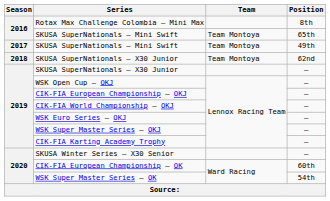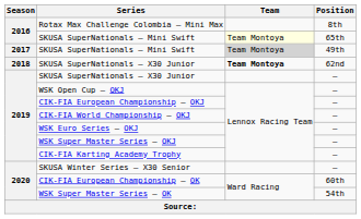 <table class="wikitable" style="font-size: 85%; text-align:center">
 <tr>
 <th>Season</th>
 <th>Series</th>
 <th>Team</th>
 <th>Position</th>
 </tr>
 <tr>
 <th rowspan="2">2016</th>
 <td align="left">Rotax Max Challenge Colombia — Mini Max</td>
 <td align="left"></td>
 <td>8th</td>
 </tr>
 <tr>
 <td align="left">SKUSA SuperNationals — Mini Swift</td>
-<td align="left">Team Montoya</td>
+<td align="left" style="background: lightyellow;">Team Montoya</td>
 <td>65th</td>
 </tr>
 <tr>
 <th>2017</th>
 <td align="left">SKUSA SuperNationals — Mini Swift</td>
-<td align="left">Team Montoya</td>
+<td align="left" style="background: lightgrey;">Team Montoya</td>
 <td>49th</td>
 </tr>
 <tr>
 <th>2018</th>
 <td align="left">SKUSA SuperNationals — X30 Junior</td>
-<td align="left">Team Montoya</td>
+<td align="left"><strong>Team Montoya</strong></td>
 <td>62nd</td>
 </tr>
 <tr>
 <th rowspan="7">2019</th>
 <td align="left">SKUSA SuperNationals — X30 Junior</td>
 <td align="left"></td>
 <td>—</td>
 </tr>
 <tr>
 <td align="left">WSK Open Cup — <a href='#'>OKJ</a></td>
 <td rowspan="6"  align="left">Lennox Racing Team</td>
 <td>—</td>
 </tr>
 <tr>
 <td align="left"><a href='#'>CIK-FIA European Championship</a> — <a href='#'>OKJ</a></td>
 <td>—</td>
 </tr>
 <tr>
 <td align="left"><a href='#'>CIK-FIA World Championship</a> — <a href='#'>OKJ</a></td>
 <td>—</td>
 </tr>
 <tr>
 <td align="left"><a href='#'>WSK Euro Series</a> — <a href='#'>OKJ</a></td>
 <td>—</td>
 </tr>
 <tr>
 <td align="left"><a href='#'>WSK Super Master Series</a> — <a href='#'>OKJ</a></td>
 <td>—</td>
 </tr>
 <tr>
 <td align="left"><a href='#'>CIK-FIA Karting Academy Trophy</a></td>
 <td>—</td>
 </tr>
 <tr>
 <th rowspan="3">2020</th>
 <td align="left">SKUSA Winter Series — X30 Senior</td>
 <td align="left"></td>
 <td>—</td>
 </tr>
 <tr>
 <td align="left"><a href='#'>CIK-FIA European Championship</a> — <a href='#'>OK</a></td>
 <td rowspan="2"  align="left">Ward Racing</td>
 <td>60th</td>
 </tr>
 <tr>
 <td align="left"><a href='#'>WSK Super Master Series</a> — <a href='#'>OK</a></td>
 <td>54th</td>
 </tr>
 <tr>
 <th colspan="4">Source:</th>
 </tr>
 </table>
